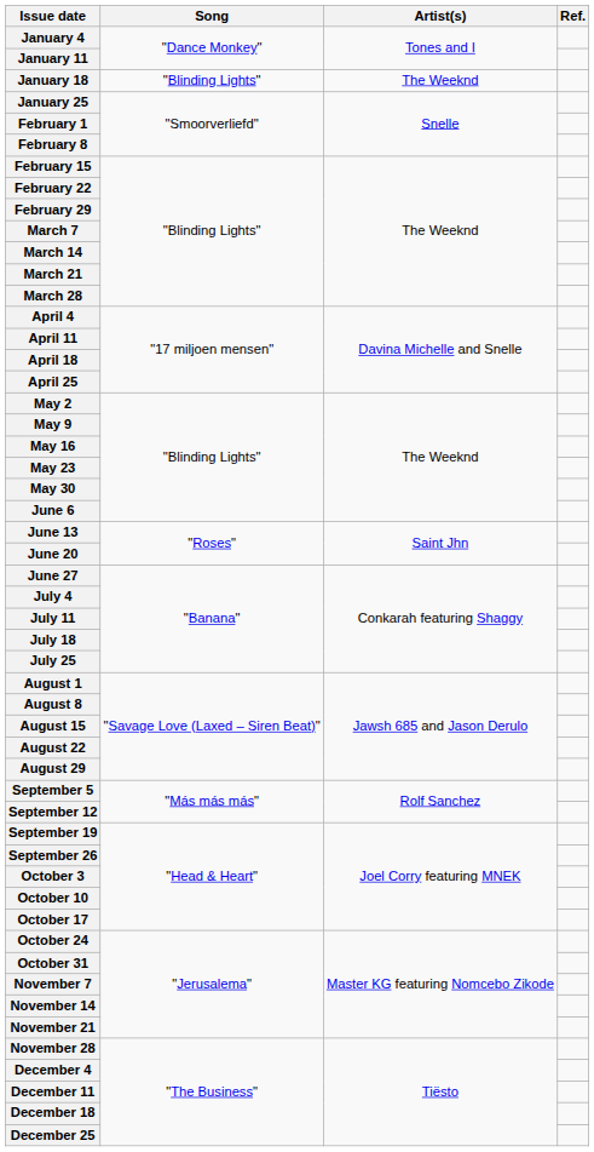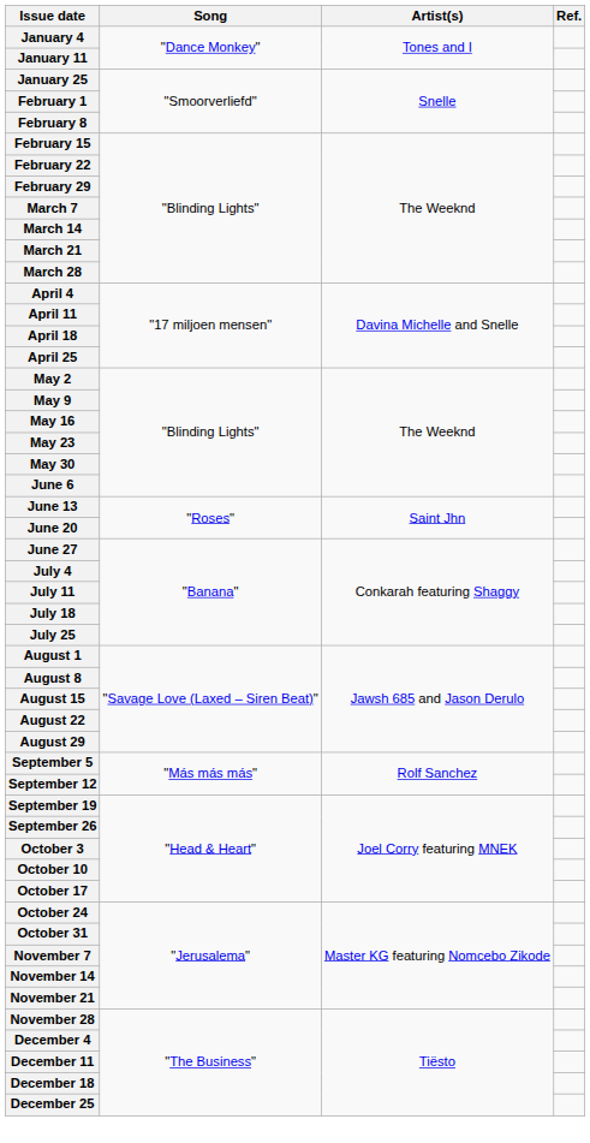 <table class="wikitable plainrowheaders" style="text-align: center;">
 <tr>
 <th>Issue date</th>
 <th>Song</th>
 <th>Artist(s)</th>
 <th>Ref.</th>
 </tr>
 <tr>
 <th scope="row">January 4</th>
 <td rowspan="2">"<a href='#'>Dance Monkey</a>"</td>
 <td rowspan="2"><a href='#'>Tones and I</a></td>
 <td></td>
 </tr>
 <tr>
 <th scope="row">January 11</th>
-<td></td>
-</tr>
-<tr>
-<th scope="row">January 18</th>
-<td>"<a href='#'>Blinding Lights</a>"</td>
-<td><a href='#'>The Weeknd</a></td>
 <td></td>
 </tr>
 <tr>
 <th scope="row">January 25</th>
 <td rowspan="3">"Smoorverliefd"</td>
 <td rowspan="3"><a href='#'>Snelle</a></td>
 <td></td>
 </tr>
 <tr>
 <th scope="row">February 1</th>
 <td></td>
 </tr>
 <tr>
 <th scope="row">February 8</th>
 <td></td>
 </tr>
 <tr>
 <th scope="row">February 15</th>
 <td rowspan="7">"Blinding Lights"</td>
 <td rowspan="7">The Weeknd</td>
 <td></td>
 </tr>
 <tr>
 <th scope="row">February 22</th>
 <td></td>
 </tr>
 <tr>
 <th scope="row">February 29</th>
 <td></td>
 </tr>
 <tr>
 <th scope="row">March 7</th>
 <td></td>
 </tr>
 <tr>
 <th scope="row">March 14</th>
 <td></td>
 </tr>
 <tr>
 <th scope="row">March 21</th>
 <td></td>
 </tr>
 <tr>
 <th scope="row">March 28</th>
 <td></td>
 </tr>
 <tr>
 <th scope="row">April 4</th>
 <td rowspan="4">"17 miljoen mensen"</td>
 <td rowspan="4"><a href='#'>Davina Michelle</a> and Snelle</td>
 <td></td>
 </tr>
 <tr>
 <th scope="row">April 11</th>
 <td></td>
 </tr>
 <tr>
 <th scope="row">April 18</th>
 <td></td>
 </tr>
 <tr>
 <th scope="row">April 25</th>
 <td></td>
 </tr>
 <tr>
 <th scope="row">May 2</th>
 <td rowspan="6">"Blinding Lights"</td>
 <td rowspan="6">The Weeknd</td>
 <td></td>
 </tr>
 <tr>
 <th scope="row">May 9</th>
 <td></td>
 </tr>
 <tr>
 <th scope="row">May 16</th>
 <td></td>
 </tr>
 <tr>
 <th scope="row">May 23</th>
 <td></td>
 </tr>
 <tr>
 <th scope="row">May 30</th>
 <td></td>
 </tr>
 <tr>
 <th scope="row">June 6</th>
 <td></td>
 </tr>
 <tr>
 <th scope="row">June 13</th>
 <td rowspan="2">"<a href='#'>Roses</a>"</td>
 <td rowspan="2"><a href='#'>Saint Jhn</a></td>
 <td></td>
 </tr>
 <tr>
 <th scope="row">June 20</th>
 <td></td>
 </tr>
 <tr>
 <th scope="row">June 27</th>
 <td rowspan="5">"<a href='#'>Banana</a>"</td>
 <td rowspan="5">Conkarah featuring <a href='#'>Shaggy</a></td>
 <td></td>
 </tr>
 <tr>
 <th scope="row">July 4</th>
 <td></td>
 </tr>
 <tr>
 <th scope="row">July 11</th>
 <td></td>
 </tr>
 <tr>
 <th scope="row">July 18</th>
 <td></td>
 </tr>
 <tr>
 <th scope="row">July 25</th>
 <td></td>
 </tr>
 <tr>
 <th scope="row">August 1</th>
 <td rowspan="5">"<a href='#'>Savage Love (Laxed – Siren Beat)</a>"</td>
 <td rowspan="5"><a href='#'>Jawsh 685</a> and <a href='#'>Jason Derulo</a></td>
 <td></td>
 </tr>
 <tr>
 <th scope="row">August 8</th>
 <td></td>
 </tr>
 <tr>
 <th scope="row">August 15</th>
 <td></td>
 </tr>
 <tr>
 <th scope="row">August 22</th>
 <td></td>
 </tr>
 <tr>
 <th scope="row">August 29</th>
 <td></td>
 </tr>
 <tr>
 <th scope="row">September 5</th>
 <td rowspan="2">"<a href='#'>Más más más</a>"</td>
 <td rowspan="2"><a href='#'>Rolf Sanchez</a></td>
 <td></td>
 </tr>
 <tr>
 <th scope="row">September 12</th>
 <td></td>
 </tr>
 <tr>
 <th scope="row">September 19</th>
 <td rowspan="5">"<a href='#'>Head & Heart</a>"</td>
 <td rowspan="5"><a href='#'>Joel Corry</a> featuring <a href='#'>MNEK</a></td>
 <td></td>
 </tr>
 <tr>
 <th scope="row">September 26</th>
 <td></td>
 </tr>
 <tr>
 <th scope="row">October 3</th>
 <td></td>
 </tr>
 <tr>
 <th scope="row">October 10</th>
 <td></td>
 </tr>
 <tr>
 <th scope="row">October 17</th>
 <td></td>
 </tr>
 <tr>
 <th scope="row">October 24</th>
 <td rowspan="5">"<a href='#'>Jerusalema</a>"</td>
 <td rowspan="5"><a href='#'>Master KG</a> featuring <a href='#'>Nomcebo Zikode</a></td>
 <td></td>
 </tr>
 <tr>
 <th scope="row">October 31</th>
 <td></td>
 </tr>
 <tr>
 <th scope="row">November 7</th>
 <td></td>
 </tr>
 <tr>
 <th scope="row">November 14</th>
 <td></td>
 </tr>
 <tr>
 <th scope="row">November 21</th>
 <td></td>
 </tr>
 <tr>
 <th scope="row">November 28</th>
 <td rowspan="5">"<a href='#'>The Business</a>"</td>
 <td rowspan="5"><a href='#'>Tiësto</a></td>
 <td></td>
 </tr>
 <tr>
 <th scope="row">December 4</th>
 <td></td>
 </tr>
 <tr>
 <th scope="row">December 11</th>
 <td></td>
 </tr>
 <tr>
 <th scope="row">December 18</th>
 <td></td>
 </tr>
 <tr>
 <th scope="row">December 25</th>
 <td></td>
 </tr>
 </table>
